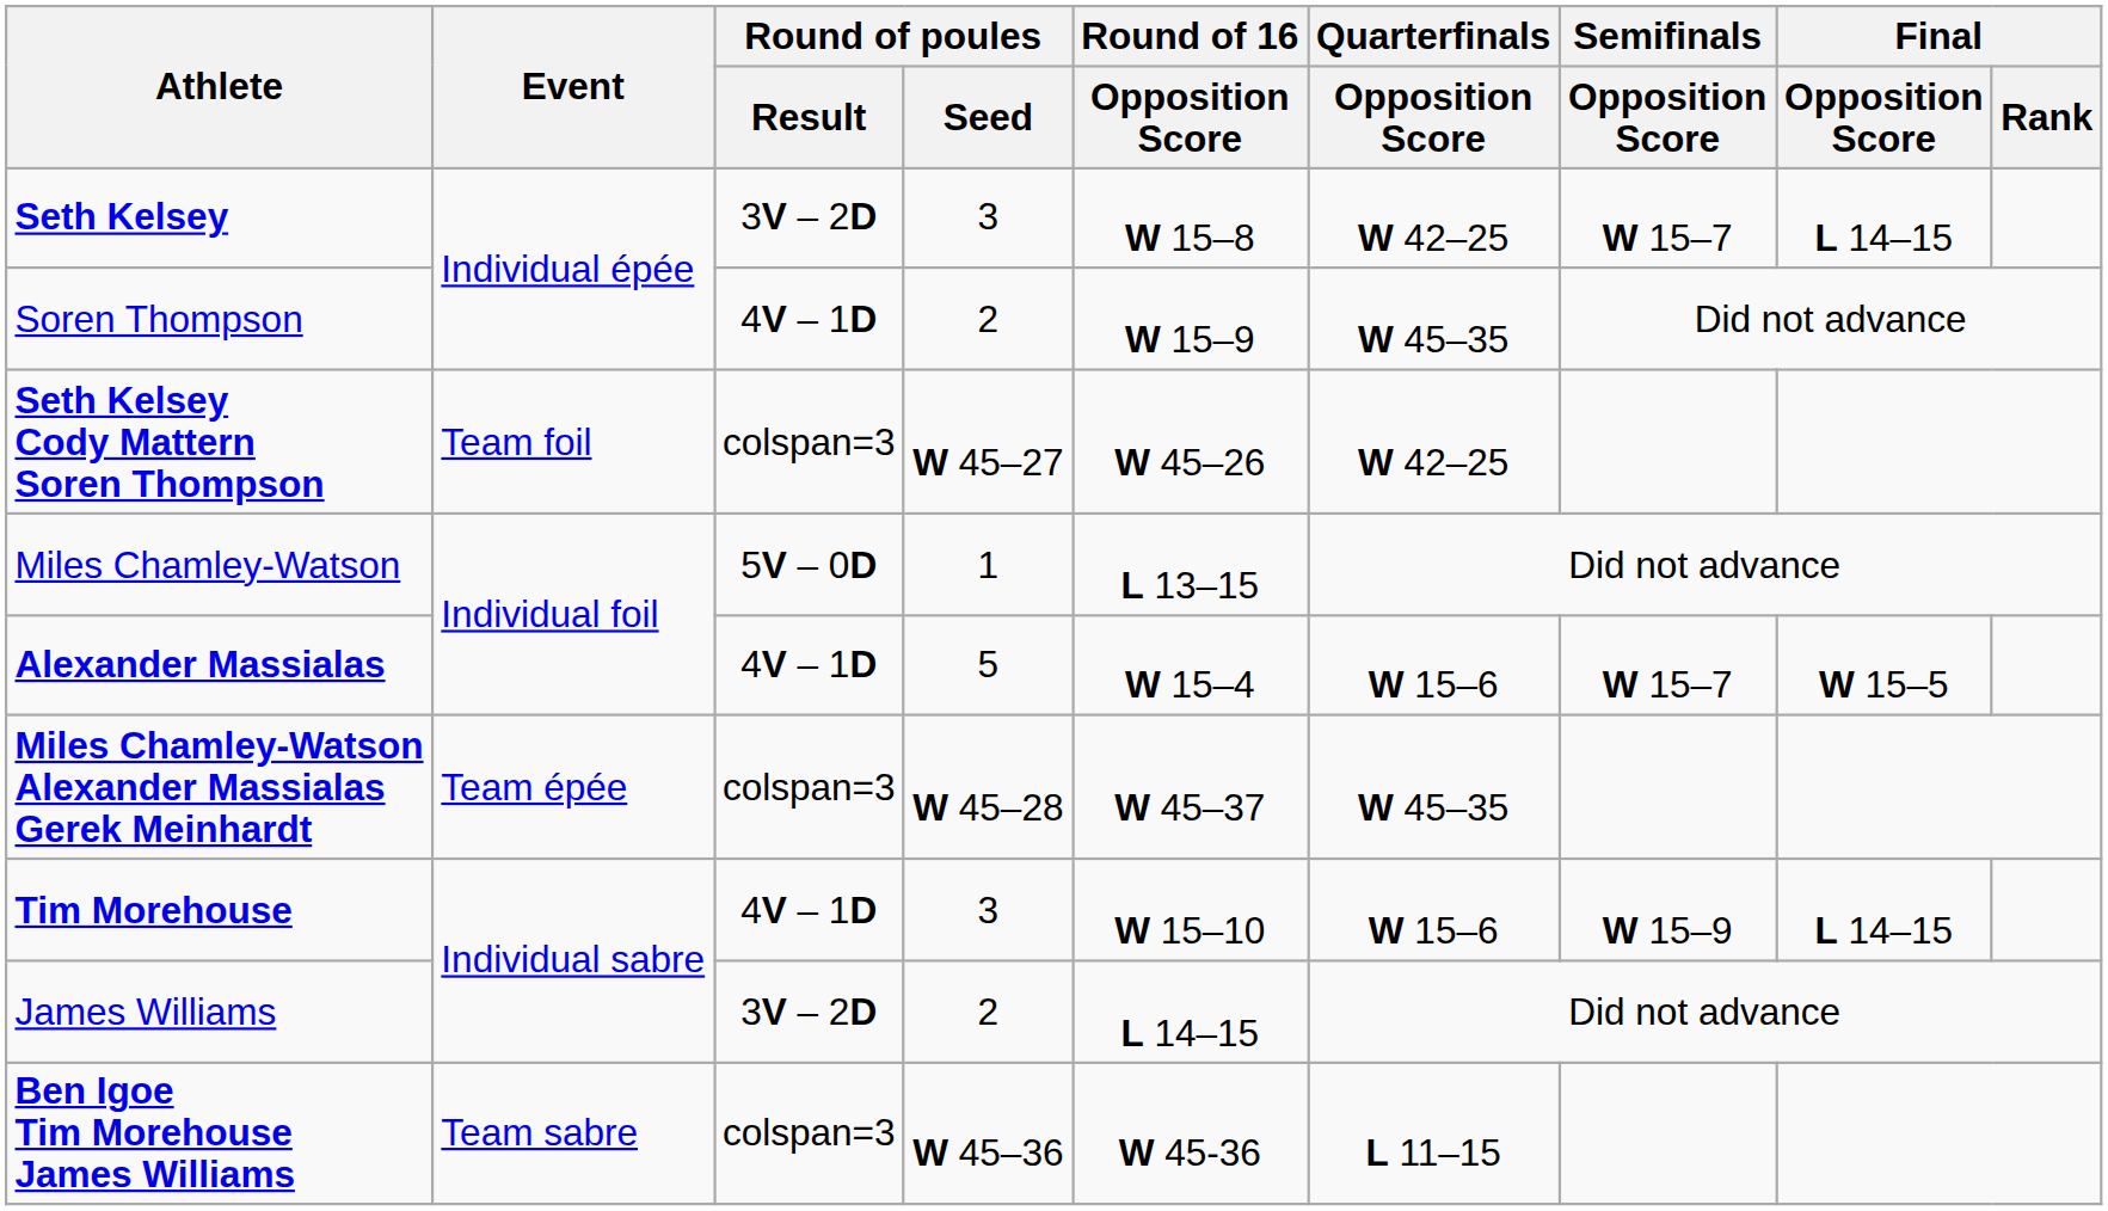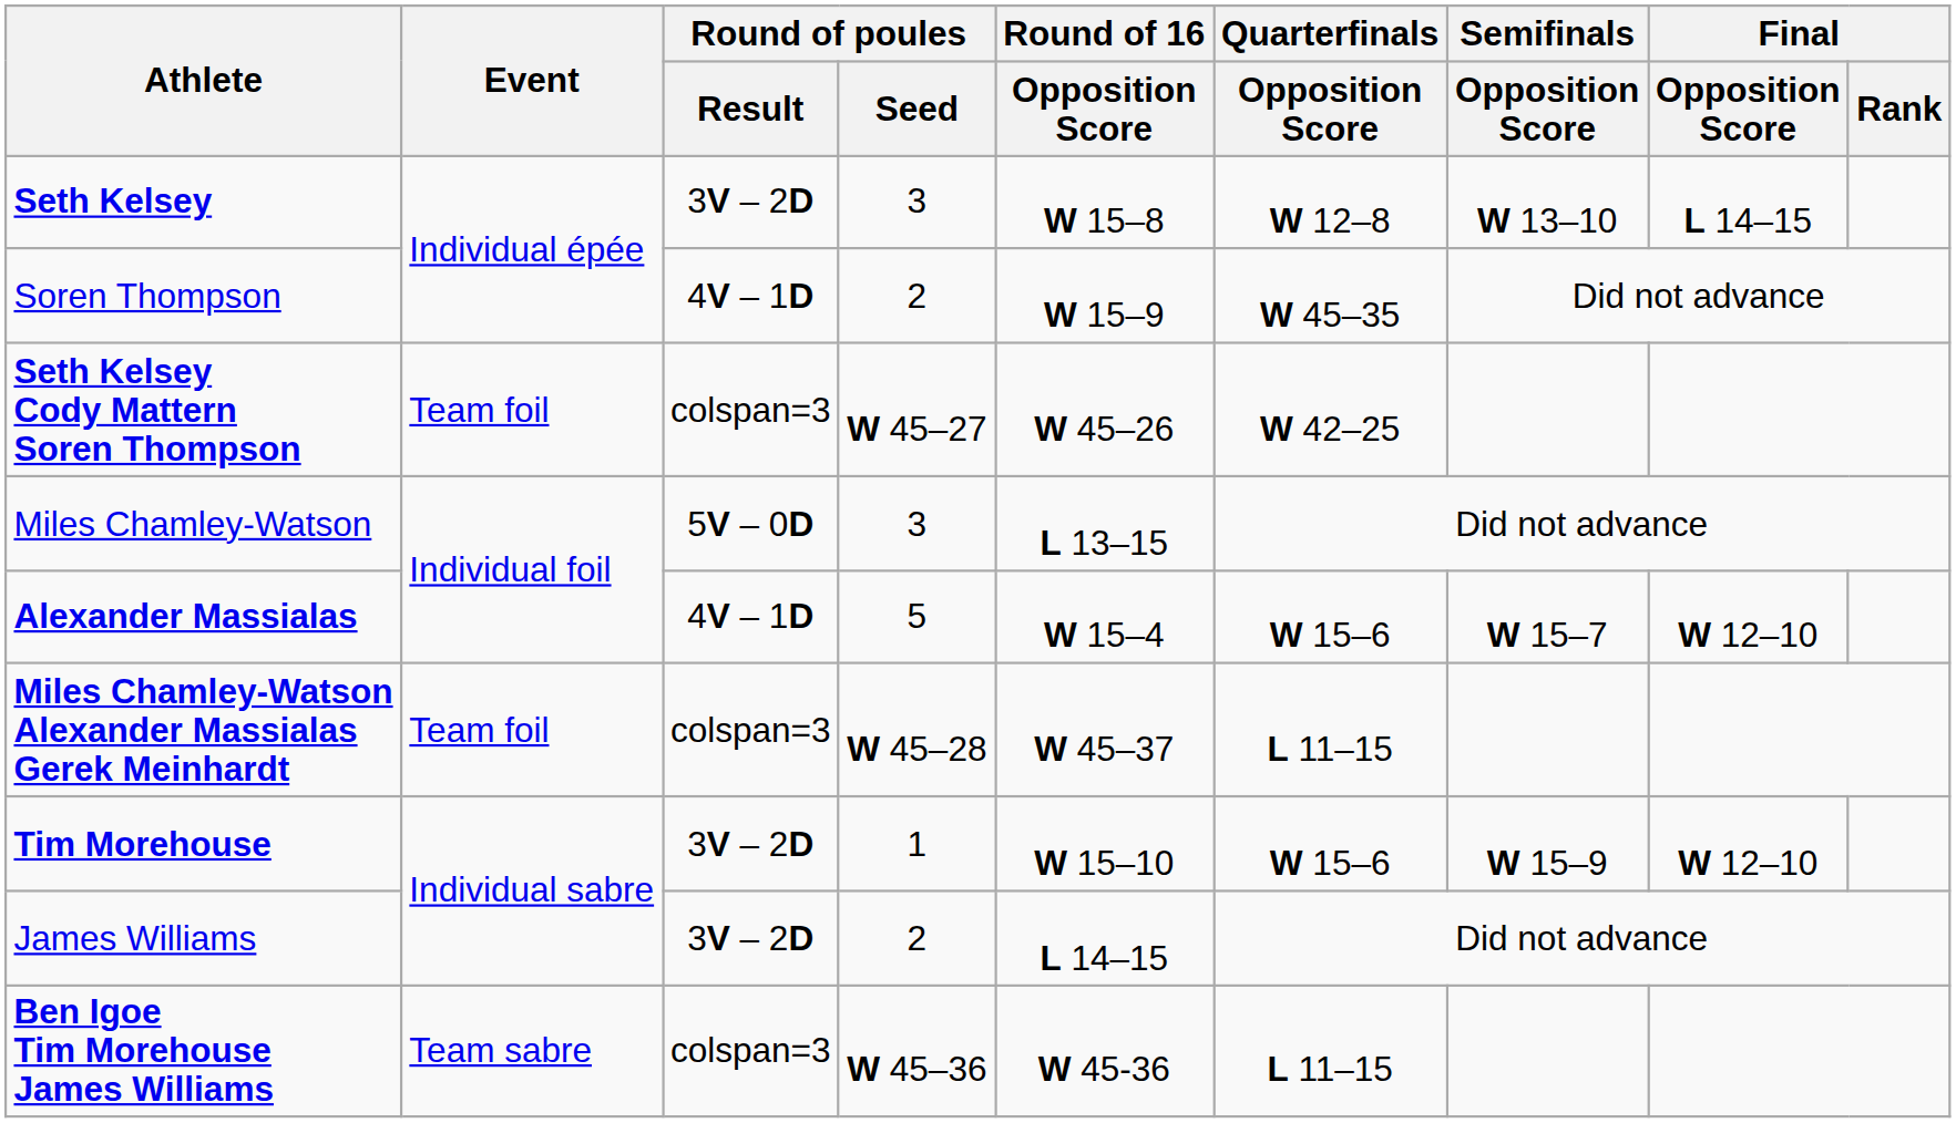 <table class="wikitable" style="font-size:90%">
 <tr>
 <th rowspan=2>Athlete</th>
 <th rowspan=2>Event</th>
 <th colspan=2>Round of poules</th>
 <th>Round of 16</th>
 <th>Quarterfinals</th>
 <th>Semifinals</th>
 <th colspan=2>Final</th>
 </tr>
 <tr>
 <th>Result</th>
 <th>Seed</th>
 <th>Opposition<br>Score</th>
 <th>Opposition<br>Score</th>
 <th>Opposition<br>Score</th>
 <th>Opposition<br>Score</th>
 <th>Rank</th>
 </tr>
 <tr align=center>
 <td align=left><strong><a href='#'>Seth Kelsey</a></strong></td>
 <td align=left rowspan=2><a href='#'>Individual épée</a></td>
 <td>3<strong>V</strong> – 2<strong>D</strong></td>
 <td>3</td>
 <td><br><strong>W</strong> 15–8</td>
-<td><br><strong>W</strong> 42–25</td>
-<td><br><strong>W</strong> 15–7</td>
+<td><br><strong>W</strong> 12–8</td>
+<td><br><strong>W</strong> 13–10</td>
 <td><br><strong>L</strong> 14–15</td>
 <td></td>
 </tr>
 <tr align=center>
 <td align=left><a href='#'>Soren Thompson</a></td>
 <td>4<strong>V</strong> – 1<strong>D</strong></td>
 <td>2</td>
 <td><br><strong>W</strong> 15–9</td>
 <td><br><strong>W</strong> 45–35</td>
 <td colspan=3>Did not advance</td>
 </tr>
 <tr align=center>
 <td align=left><strong><a href='#'>Seth Kelsey</a><br><a href='#'>Cody Mattern</a><br><a href='#'>Soren Thompson</a></strong></td>
 <td align=left><a href='#'>Team foil</a></td>
 <td>colspan=3 </td>
 <td><br><strong>W</strong> 45–27</td>
 <td><br><strong>W</strong> 45–26</td>
 <td><br><strong>W</strong> 42–25</td>
 <td></td>
 </tr>
 <tr align=center>
 <td align=left><a href='#'>Miles Chamley-Watson</a></td>
 <td align=left rowspan=2><a href='#'>Individual foil</a></td>
 <td>5<strong>V</strong> – 0<strong>D</strong></td>
-<td>1</td>
+<td>3</td>
 <td><br><strong>L</strong> 13–15</td>
 <td colspan=4>Did not advance</td>
 </tr>
 <tr align=center>
 <td align=left><strong><a href='#'>Alexander Massialas</a></strong></td>
 <td>4<strong>V</strong> – 1<strong>D</strong></td>
 <td>5</td>
 <td><br><strong>W</strong> 15–4</td>
 <td><br><strong>W</strong> 15–6</td>
 <td><br><strong>W</strong> 15–7</td>
-<td><br><strong>W</strong> 15–5</td>
+<td><br><strong>W</strong> 12–10</td>
 <td></td>
 </tr>
 <tr align=center>
 <td align=left><strong><a href='#'>Miles Chamley-Watson</a><br><a href='#'>Alexander Massialas</a><br><a href='#'>Gerek Meinhardt</a></strong></td>
-<td align=left><a href='#'>Team épée</a></td>
+<td align=left><a href='#'>Team foil</a></td>
 <td>colspan=3 </td>
 <td><br><strong>W</strong> 45–28</td>
 <td><br><strong>W</strong> 45–37</td>
-<td><br><strong>W</strong> 45–35</td>
+<td><br><strong>L</strong> 11–15</td>
 <td></td>
 </tr>
 <tr align=center>
 <td align=left><strong><a href='#'>Tim Morehouse</a></strong></td>
 <td align=left rowspan=2><a href='#'>Individual sabre</a></td>
-<td>4<strong>V</strong> – 1<strong>D</strong></td>
-<td>3</td>
+<td>3<strong>V</strong> – 2<strong>D</strong></td>
+<td>1</td>
 <td><br><strong>W</strong> 15–10</td>
 <td><br><strong>W</strong> 15–6</td>
 <td><br><strong>W</strong> 15–9</td>
-<td><br><strong>L</strong> 14–15</td>
+<td><br><strong>W</strong> 12–10</td>
 <td></td>
 </tr>
 <tr align=center>
 <td align=left><a href='#'>James Williams</a></td>
 <td>3<strong>V</strong> – 2<strong>D</strong></td>
 <td>2</td>
 <td><br><strong>L</strong> 14–15</td>
 <td colspan=4>Did not advance</td>
 </tr>
 <tr align=center>
 <td align=left><strong><a href='#'>Ben Igoe</a><br><a href='#'>Tim Morehouse</a><br><a href='#'>James Williams</a></strong></td>
 <td align=left><a href='#'>Team sabre</a></td>
 <td>colspan=3 </td>
 <td><br><strong>W</strong> 45–36</td>
 <td><br><strong>W</strong> 45-36</td>
 <td><br><strong>L</strong> 11–15</td>
 <td></td>
 </tr>
 </table>
